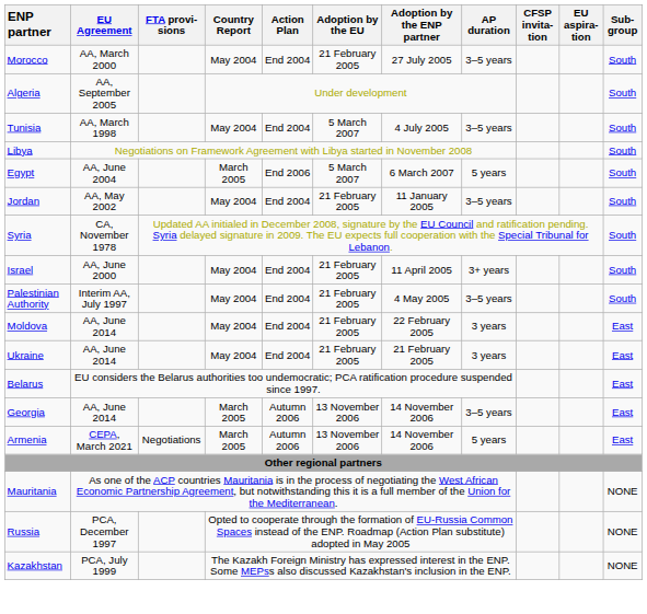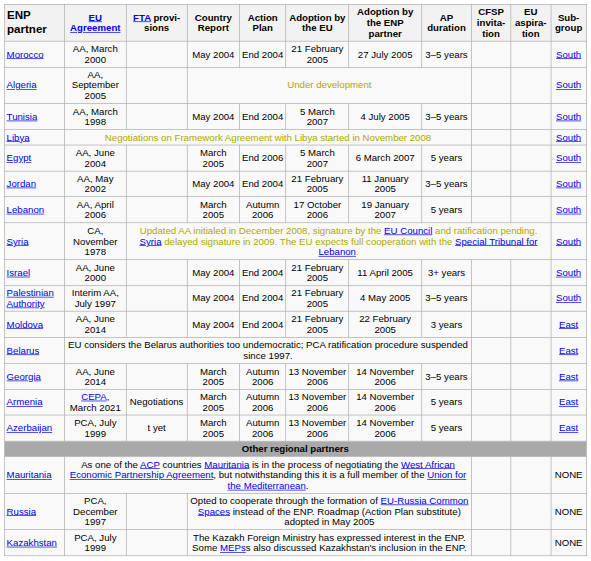 <table class="wikitable sortable" style="text-align:center; font-size:90%">
 <tr>
 <th style="text-align:left; font-size:120%">ENP partner</th>
 <th><a href='#'>EU Agreement</a></th>
 <th><a href='#'>FTA</a> provi­sions</th>
 <th>Country Report</th>
 <th>Action Plan</th>
 <th>Adoption by the EU</th>
 <th>Adoption by the ENP partner</th>
 <th>AP duration</th>
 <th>CFSP invita­tion</th>
 <th>EU aspira­tion</th>
 <th>Sub-group</th>
 </tr>
 <tr>
 <td style="text-align:left"><a href='#'>Morocco</a></td>
 <td>AA, March 2000</td>
 <td></td>
 <td>May 2004</td>
 <td>End 2004</td>
 <td>21 February 2005</td>
 <td>27 July 2005</td>
 <td>3–5 years</td>
 <td></td>
 <td></td>
 <td><a href='#'>South</a></td>
 </tr>
 <tr>
 <td style="text-align:left"><a href='#'>Algeria</a></td>
 <td>AA, September 2005</td>
 <td></td>
 <td colspan="5" style="color:#aa0">Under development</td>
 <td></td>
 <td></td>
 <td><a href='#'>South</a></td>
 </tr>
 <tr>
 <td style="text-align:left"><a href='#'>Tunisia</a></td>
 <td>AA, March 1998</td>
 <td></td>
 <td>May 2004</td>
 <td>End 2004</td>
 <td>5 March 2007</td>
 <td>4 July 2005</td>
 <td>3–5 years</td>
 <td></td>
 <td></td>
 <td><a href='#'>South</a></td>
 </tr>
 <tr>
 <td style="text-align:left"><a href='#'>Libya</a></td>
 <td colspan="7" style="color:#aa0">Negotiations on Framework Agreement with Libya started in November 2008</td>
 <td></td>
 <td></td>
 <td><a href='#'>South</a></td>
 </tr>
 <tr>
 <td style="text-align:left"><a href='#'>Egypt</a></td>
 <td>AA, June 2004</td>
 <td></td>
 <td>March 2005</td>
 <td>End 2006</td>
 <td>5 March 2007</td>
 <td>6 March 2007</td>
 <td>5 years</td>
 <td></td>
 <td></td>
 <td><a href='#'>South</a></td>
 </tr>
 <tr>
 <td style="text-align:left"><a href='#'>Jordan</a></td>
 <td>AA, May 2002</td>
 <td></td>
 <td>May 2004</td>
 <td>End 2004</td>
 <td>21 February 2005</td>
 <td>11 January 2005</td>
 <td>3–5 years</td>
 <td></td>
 <td></td>
 <td><a href='#'>South</a></td>
 </tr>
 <tr>
+<td style="text-align:left"><a href='#'>Lebanon</a></td>
+<td>AA, April 2006</td>
+<td></td>
+<td>March 2005</td>
+<td>Autumn 2006</td>
+<td>17 October 2006</td>
+<td>19 January 2007</td>
+<td>5 years</td>
+<td></td>
+<td></td>
+<td><a href='#'>South</a></td>
+</tr>
+<tr>
 <td style="text-align:left"><a href='#'>Syria</a></td>
 <td>CA, November 1978</td>
 <td colspan="8" style="color:#aa0">Updated AA initialed in December 2008, signature by the <a href='#'>EU Council</a> and ratification pending. <a href='#'>Syria</a> delayed signature in 2009. The EU expects full cooperation with the <a href='#'>Special Tribunal for Lebanon</a>.</td>
 <td><a href='#'>South</a></td>
 </tr>
 <tr>
 <td style="text-align:left"><a href='#'>Israel</a></td>
 <td>AA, June 2000</td>
 <td></td>
 <td>May 2004</td>
 <td>End 2004</td>
 <td>21 February 2005</td>
 <td>11 April 2005</td>
 <td>3+ years</td>
 <td></td>
 <td></td>
 <td><a href='#'>South</a></td>
 </tr>
 <tr>
 <td style="text-align:left"><a href='#'>Palestinian Authority</a></td>
 <td>Interim AA, July 1997</td>
 <td></td>
 <td>May 2004</td>
 <td>End 2004</td>
 <td>21 February 2005</td>
 <td>4 May 2005</td>
 <td>3–5 years</td>
 <td></td>
 <td></td>
 <td><a href='#'>South</a></td>
 </tr>
 <tr>
 <td style="text-align:left"><a href='#'>Moldova</a></td>
 <td>AA, June 2014</td>
 <td></td>
 <td>May 2004</td>
 <td>End 2004</td>
 <td>21 February 2005</td>
 <td>22 February 2005</td>
 <td>3 years</td>
 <td></td>
 <td></td>
 <td><a href='#'>East</a></td>
 </tr>
 <tr>
-<td style="text-align:left"><a href='#'>Ukraine</a></td>
-<td>AA, June 2014</td>
-<td></td>
-<td>May 2004</td>
-<td>End 2004</td>
-<td>21 February 2005</td>
-<td>21 February 2005</td>
-<td>3 years</td>
-<td></td>
-<td></td>
-<td><a href='#'>East</a></td>
-</tr>
-<tr>
 <td style="text-align:left"><a href='#'>Belarus</a></td>
 <td colspan="7">EU considers the Belarus authorities too undemocratic; PCA ratification procedure suspended since 1997.</td>
 <td></td>
 <td></td>
 <td><a href='#'>East</a></td>
 </tr>
 <tr>
 <td style="text-align:left"><a href='#'>Georgia</a></td>
 <td>AA, June 2014</td>
 <td></td>
 <td>March 2005</td>
 <td>Autumn 2006</td>
 <td>13 November 2006</td>
 <td>14 November 2006</td>
 <td>3–5 years</td>
 <td></td>
 <td></td>
 <td><a href='#'>East</a></td>
 </tr>
 <tr>
 <td style="text-align:left"><a href='#'>Armenia</a></td>
 <td><a href='#'>CEPA</a>, March 2021</td>
 <td>Negotiations</td>
+<td>March 2005</td>
+<td>Autumn 2006</td>
+<td>13 November 2006</td>
+<td>14 November 2006</td>
+<td>5 years</td>
+<td></td>
+<td></td>
+<td><a href='#'>East</a></td>
+</tr>
+<tr>
+<td style="text-align:left"><a href='#'>Azerbaijan</a></td>
+<td>PCA, July 1999</td>
+<td>t yet</td>
 <td>March 2005</td>
 <td>Autumn 2006</td>
 <td>13 November 2006</td>
 <td>14 November 2006</td>
 <td>5 years</td>
 <td></td>
 <td></td>
 <td><a href='#'>East</a></td>
 </tr>
 <tr>
 <td colspan="11" style="background:darkgrey"><strong>Other regional partners</strong></td>
 </tr>
 <tr>
 <td style="text-align:left"><a href='#'>Mauritania</a></td>
 <td colspan="7">As one of the <a href='#'>ACP</a> countries <a href='#'>Mauritania</a> is in the process of negotiating the <a href='#'>West African</a> <a href='#'>Economic Partnership Agreement</a>, but notwithstanding this it is a full member of the <a href='#'>Union for the Mediterranean</a>.</td>
 <td></td>
 <td></td>
 <td>NONE</td>
 </tr>
 <tr>
 <td style="text-align:left"><a href='#'>Russia</a></td>
 <td>PCA, December 1997</td>
 <td></td>
 <td colspan="5">Opted to cooperate through the formation of <a href='#'>EU-Russia Common Spaces</a> instead of the ENP. Roadmap (Action Plan substitute) adopted in May 2005</td>
 <td></td>
 <td></td>
 <td>NONE</td>
 </tr>
 <tr>
 <td style="text-align:left"><a href='#'>Kazakhstan</a></td>
 <td>PCA, July 1999</td>
 <td></td>
 <td colspan="5">The Kazakh Foreign Ministry has expressed interest in the ENP. Some <a href='#'>MEPs</a>s also discussed Kazakhstan's inclusion in the ENP.</td>
 <td></td>
 <td></td>
 <td>NONE</td>
 </tr>
 </table>
